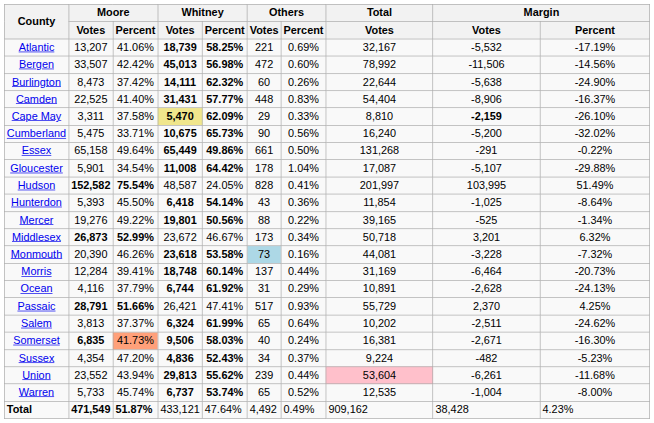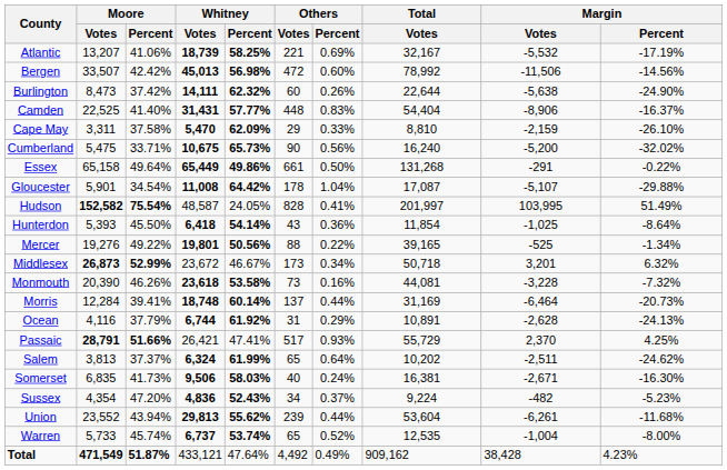 <table style="width:60%;" class="wikitable sortable">
 <tr style="background:lightgrey;">
 <th style="width:3%;" rowspan=2>County</th>
 <th style="width:2%;" colspan="2">Moore</th>
 <th style="width:2%;" colspan=2>Whitney</th>
 <th style="width:2%;" colspan=2>Others</th>
 <th>Total</th>
 <th colspan="2">Margin</th>
 </tr>
 <tr>
 <th>Votes</th>
 <th>Percent</th>
 <th>Votes</th>
 <th>Percent</th>
 <th>Votes</th>
 <th>Percent</th>
 <th>Votes</th>
 <th>Votes</th>
 <th>Percent</th>
 </tr>
 <tr style="text-align:center;"|>
 <td><a href='#'>Atlantic</a></td>
 <td>13,207</td>
 <td>41.06%</td>
 <td><strong>18,739</strong></td>
 <td><strong>58.25%</strong></td>
 <td>221</td>
 <td>0.69%</td>
 <td>32,167</td>
 <td>-5,532</td>
 <td>-17.19%</td>
 </tr>
 <tr style="text-align:center;"|>
 <td><a href='#'>Bergen</a></td>
 <td>33,507</td>
 <td>42.42%</td>
 <td><strong>45,013</strong></td>
 <td><strong>56.98%</strong></td>
 <td>472</td>
 <td>0.60%</td>
 <td>78,992</td>
 <td>-11,506</td>
 <td>-14.56%</td>
 </tr>
 <tr style="text-align:center;"|>
 <td><a href='#'>Burlington</a></td>
 <td>8,473</td>
 <td>37.42%</td>
 <td><strong>14,111</strong></td>
 <td><strong>62.32%</strong></td>
 <td>60</td>
 <td>0.26%</td>
 <td>22,644</td>
 <td>-5,638</td>
 <td>-24.90%</td>
 </tr>
 <tr style="text-align:center;"|>
 <td><a href='#'>Camden</a></td>
 <td>22,525</td>
 <td>41.40%</td>
 <td><strong>31,431</strong></td>
 <td><strong>57.77%</strong></td>
 <td>448</td>
 <td>0.83%</td>
 <td>54,404</td>
 <td>-8,906</td>
 <td>-16.37%</td>
 </tr>
 <tr style="text-align:center;"|>
 <td><a href='#'>Cape May</a></td>
 <td>3,311</td>
 <td>37.58%</td>
-<td style="background: khaki;"><strong>5,470</strong></td>
+<td><strong>5,470</strong></td>
 <td><strong>62.09%</strong></td>
 <td>29</td>
 <td>0.33%</td>
 <td>8,810</td>
-<td><strong>-2,159</strong></td>
+<td>-2,159</td>
 <td>-26.10%</td>
 </tr>
 <tr style="text-align:center;"|>
 <td><a href='#'>Cumberland</a></td>
 <td>5,475</td>
 <td>33.71%</td>
 <td><strong>10,675</strong></td>
 <td><strong>65.73%</strong></td>
 <td>90</td>
 <td>0.56%</td>
 <td>16,240</td>
 <td>-5,200</td>
 <td>-32.02%</td>
 </tr>
 <tr style="text-align:center;"|>
 <td><a href='#'>Essex</a></td>
 <td>65,158</td>
 <td>49.64%</td>
 <td><strong>65,449</strong></td>
 <td><strong>49.86%</strong></td>
 <td>661</td>
 <td>0.50%</td>
 <td>131,268</td>
 <td>-291</td>
 <td>-0.22%</td>
 </tr>
 <tr style="text-align:center;"|>
 <td><a href='#'>Gloucester</a></td>
 <td>5,901</td>
 <td>34.54%</td>
 <td><strong>11,008</strong></td>
 <td><strong>64.42%</strong></td>
 <td>178</td>
 <td>1.04%</td>
 <td>17,087</td>
 <td>-5,107</td>
 <td>-29.88%</td>
 </tr>
 <tr style="text-align:center;"|>
 <td><a href='#'>Hudson</a></td>
 <td><strong>152,582</strong></td>
 <td><strong>75.54%</strong></td>
 <td>48,587</td>
 <td>24.05%</td>
 <td>828</td>
 <td>0.41%</td>
 <td>201,997</td>
 <td>103,995</td>
 <td>51.49%</td>
 </tr>
 <tr style="text-align:center;"|>
 <td><a href='#'>Hunterdon</a></td>
 <td>5,393</td>
 <td>45.50%</td>
 <td><strong>6,418</strong></td>
 <td><strong>54.14%</strong></td>
 <td>43</td>
 <td>0.36%</td>
 <td>11,854</td>
 <td>-1,025</td>
 <td>-8.64%</td>
 </tr>
 <tr style="text-align:center;"|>
 <td><a href='#'>Mercer</a></td>
 <td>19,276</td>
 <td>49.22%</td>
 <td><strong>19,801</strong></td>
 <td><strong>50.56%</strong></td>
 <td>88</td>
 <td>0.22%</td>
 <td>39,165</td>
 <td>-525</td>
 <td>-1.34%</td>
 </tr>
 <tr style="text-align:center;"|>
 <td><a href='#'>Middlesex</a></td>
 <td><strong>26,873</strong></td>
 <td><strong>52.99%</strong></td>
 <td>23,672</td>
 <td>46.67%</td>
 <td>173</td>
 <td>0.34%</td>
 <td>50,718</td>
 <td>3,201</td>
 <td>6.32%</td>
 </tr>
 <tr style="text-align:center;"|>
 <td><a href='#'>Monmouth</a></td>
 <td>20,390</td>
 <td>46.26%</td>
 <td><strong>23,618</strong></td>
 <td><strong>53.58%</strong></td>
-<td style="background: lightblue;">73</td>
+<td>73</td>
 <td>0.16%</td>
 <td>44,081</td>
 <td>-3,228</td>
 <td>-7.32%</td>
 </tr>
 <tr style="text-align:center;"|>
 <td><a href='#'>Morris</a></td>
 <td>12,284</td>
 <td>39.41%</td>
 <td><strong>18,748</strong></td>
 <td><strong>60.14%</strong></td>
 <td>137</td>
 <td>0.44%</td>
 <td>31,169</td>
 <td>-6,464</td>
 <td>-20.73%</td>
 </tr>
 <tr style="text-align:center;"|>
 <td><a href='#'>Ocean</a></td>
 <td>4,116</td>
 <td>37.79%</td>
 <td><strong>6,744</strong></td>
 <td><strong>61.92%</strong></td>
 <td>31</td>
 <td>0.29%</td>
 <td>10,891</td>
 <td>-2,628</td>
 <td>-24.13%</td>
 </tr>
 <tr style="text-align:center;"|>
 <td><a href='#'>Passaic</a></td>
 <td><strong>28,791</strong></td>
 <td><strong>51.66%</strong></td>
 <td>26,421</td>
 <td>47.41%</td>
 <td>517</td>
 <td>0.93%</td>
 <td>55,729</td>
 <td>2,370</td>
 <td>4.25%</td>
 </tr>
 <tr style="text-align:center;"|>
 <td><a href='#'>Salem</a></td>
 <td>3,813</td>
 <td>37.37%</td>
 <td><strong>6,324</strong></td>
 <td><strong>61.99%</strong></td>
 <td>65</td>
 <td>0.64%</td>
 <td>10,202</td>
 <td>-2,511</td>
 <td>-24.62%</td>
 </tr>
 <tr style="text-align:center;"|>
 <td><a href='#'>Somerset</a></td>
-<td><strong>6,835</strong></td>
-<td style="background: lightsalmon;">41.73%</td>
+<td>6,835</td>
+<td>41.73%</td>
 <td><strong>9,506</strong></td>
 <td><strong>58.03%</strong></td>
 <td>40</td>
 <td>0.24%</td>
 <td>16,381</td>
 <td>-2,671</td>
 <td>-16.30%</td>
 </tr>
 <tr style="text-align:center;"|>
 <td><a href='#'>Sussex</a></td>
 <td>4,354</td>
 <td>47.20%</td>
 <td><strong>4,836</strong></td>
 <td><strong>52.43%</strong></td>
 <td>34</td>
 <td>0.37%</td>
 <td>9,224</td>
 <td>-482</td>
 <td>-5.23%</td>
 </tr>
 <tr style="text-align:center;"|>
 <td><a href='#'>Union</a></td>
 <td>23,552</td>
 <td>43.94%</td>
 <td><strong>29,813</strong></td>
 <td><strong>55.62%</strong></td>
 <td>239</td>
 <td>0.44%</td>
-<td style="background: pink;">53,604</td>
+<td>53,604</td>
 <td>-6,261</td>
 <td>-11.68%</td>
 </tr>
 <tr style="text-align:center;"|>
 <td><a href='#'>Warren</a></td>
 <td>5,733</td>
 <td>45.74%</td>
 <td><strong>6,737</strong></td>
 <td><strong>53.74%</strong></td>
 <td>65</td>
 <td>0.52%</td>
 <td>12,535</td>
 <td>-1,004</td>
 <td>-8.00%</td>
 </tr>
 <tr>
 <td><strong>Total</strong></td>
 <td><strong>471,549</strong></td>
 <td><strong>51.87%</strong></td>
 <td>433,121</td>
 <td>47.64%</td>
 <td>4,492</td>
 <td>0.49%</td>
 <td>909,162</td>
 <td>38,428</td>
 <td>4.23%</td>
 </tr>
 </table>
